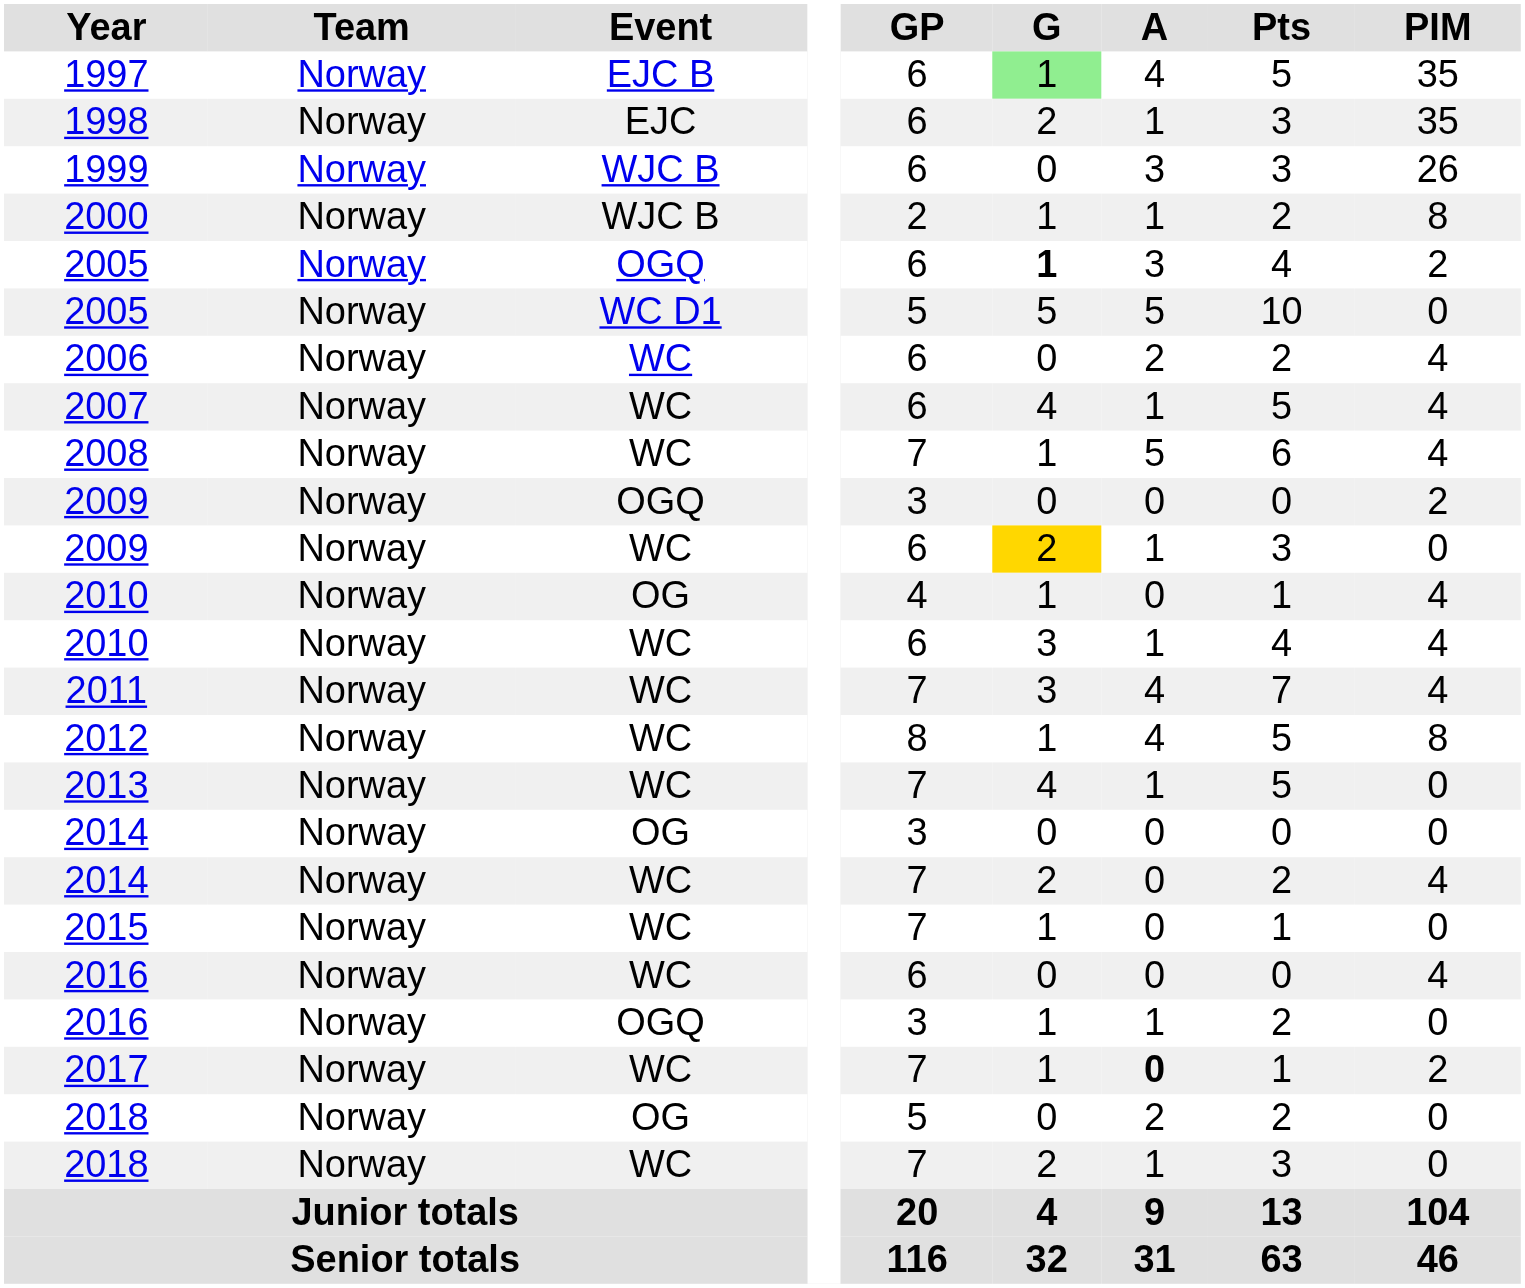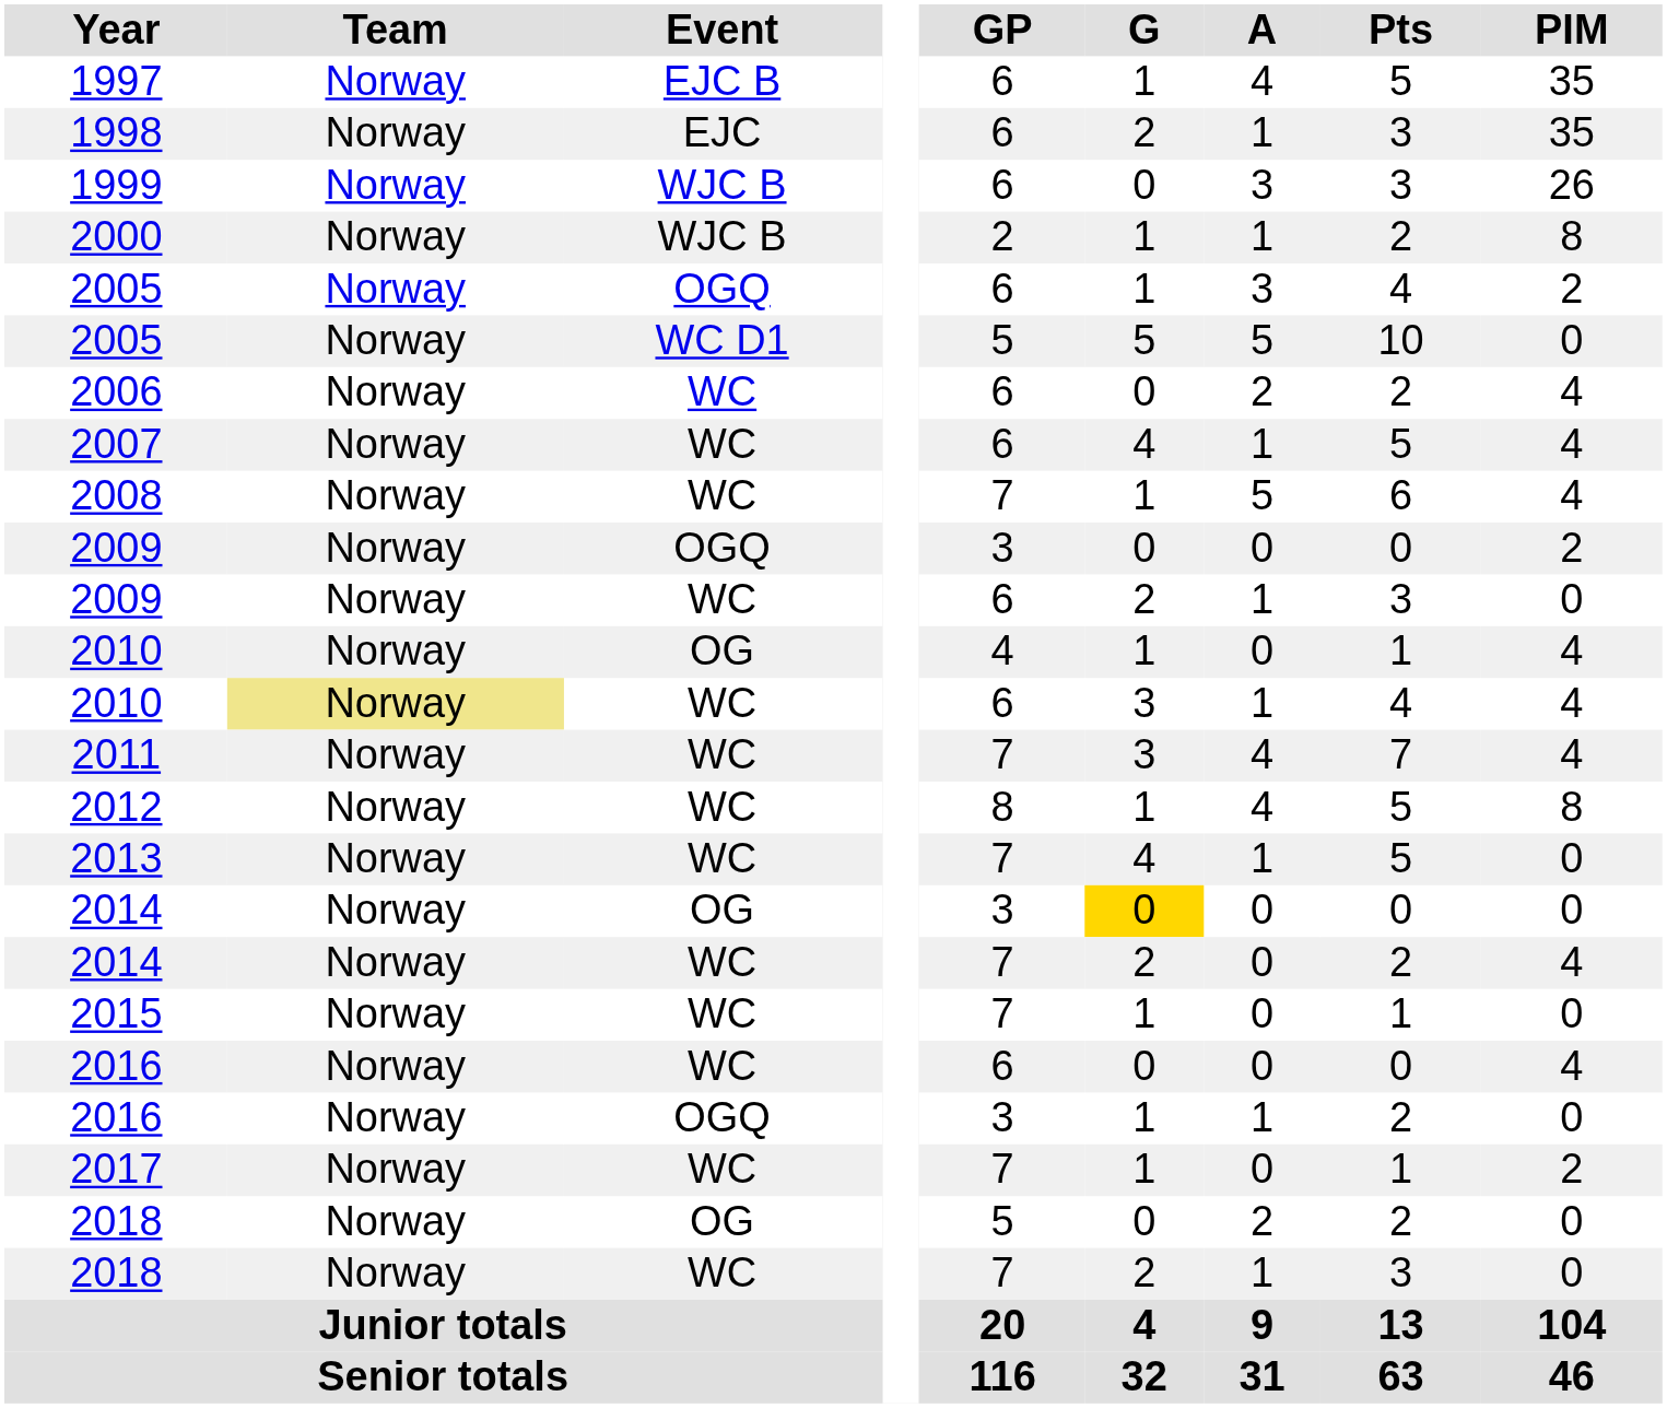 <table border="0" cellpadding="1" cellspacing="0" style="text-align:center; width:40em">
 <tr ALIGN="center" bgcolor="#e0e0e0">
 <th>Year</th>
 <th>Team</th>
 <th>Event</th>
 <th ALIGN="center" rowspan="99" bgcolor="#ffffff"> </th>
 <th>GP</th>
 <th>G</th>
 <th>A</th>
 <th>Pts</th>
 <th>PIM</th>
 </tr>
 <tr>
 <td><a href='#'>1997</a></td>
 <td><a href='#'>Norway</a></td>
 <td><a href='#'>EJC B</a></td>
 <td>6</td>
-<td style="background: lightgreen;">1</td>
+<td>1</td>
 <td>4</td>
 <td>5</td>
 <td>35</td>
 </tr>
 <tr bgcolor="#f0f0f0">
 <td><a href='#'>1998</a></td>
 <td>Norway</td>
 <td>EJC</td>
 <td>6</td>
 <td>2</td>
 <td>1</td>
 <td>3</td>
 <td>35</td>
 </tr>
 <tr>
 <td><a href='#'>1999</a></td>
 <td><a href='#'>Norway</a></td>
 <td><a href='#'>WJC B</a></td>
 <td>6</td>
 <td>0</td>
 <td>3</td>
 <td>3</td>
 <td>26</td>
 </tr>
 <tr bgcolor="#f0f0f0">
 <td><a href='#'>2000</a></td>
 <td>Norway</td>
 <td>WJC B</td>
 <td>2</td>
 <td>1</td>
 <td>1</td>
 <td>2</td>
 <td>8</td>
 </tr>
 <tr>
 <td><a href='#'>2005</a></td>
 <td><a href='#'>Norway</a></td>
 <td><a href='#'>OGQ</a></td>
 <td>6</td>
-<td><strong>1</strong></td>
+<td>1</td>
 <td>3</td>
 <td>4</td>
 <td>2</td>
 </tr>
 <tr bgcolor="#f0f0f0">
 <td><a href='#'>2005</a></td>
 <td>Norway</td>
 <td><a href='#'>WC D1</a></td>
 <td>5</td>
 <td>5</td>
 <td>5</td>
 <td>10</td>
 <td>0</td>
 </tr>
 <tr>
 <td><a href='#'>2006</a></td>
 <td>Norway</td>
 <td><a href='#'>WC</a></td>
 <td>6</td>
 <td>0</td>
 <td>2</td>
 <td>2</td>
 <td>4</td>
 </tr>
 <tr bgcolor="#f0f0f0">
 <td><a href='#'>2007</a></td>
 <td>Norway</td>
 <td>WC</td>
 <td>6</td>
 <td>4</td>
 <td>1</td>
 <td>5</td>
 <td>4</td>
 </tr>
 <tr>
 <td><a href='#'>2008</a></td>
 <td>Norway</td>
 <td>WC</td>
 <td>7</td>
 <td>1</td>
 <td>5</td>
 <td>6</td>
 <td>4</td>
 </tr>
 <tr bgcolor="#f0f0f0">
 <td><a href='#'>2009</a></td>
 <td>Norway</td>
 <td>OGQ</td>
 <td>3</td>
 <td>0</td>
 <td>0</td>
 <td>0</td>
 <td>2</td>
 </tr>
 <tr>
 <td><a href='#'>2009</a></td>
 <td>Norway</td>
 <td>WC</td>
 <td>6</td>
-<td style="background: gold;">2</td>
+<td>2</td>
 <td>1</td>
 <td>3</td>
 <td>0</td>
 </tr>
 <tr bgcolor="#f0f0f0">
 <td><a href='#'>2010</a></td>
 <td>Norway</td>
 <td>OG</td>
 <td>4</td>
 <td>1</td>
 <td>0</td>
 <td>1</td>
 <td>4</td>
 </tr>
 <tr>
 <td><a href='#'>2010</a></td>
-<td>Norway</td>
+<td style="background: khaki;">Norway</td>
 <td>WC</td>
 <td>6</td>
 <td>3</td>
 <td>1</td>
 <td>4</td>
 <td>4</td>
 </tr>
 <tr bgcolor="#f0f0f0">
 <td><a href='#'>2011</a></td>
 <td>Norway</td>
 <td>WC</td>
 <td>7</td>
 <td>3</td>
 <td>4</td>
 <td>7</td>
 <td>4</td>
 </tr>
 <tr>
 <td><a href='#'>2012</a></td>
 <td>Norway</td>
 <td>WC</td>
 <td>8</td>
 <td>1</td>
 <td>4</td>
 <td>5</td>
 <td>8</td>
 </tr>
 <tr bgcolor="#f0f0f0">
 <td><a href='#'>2013</a></td>
 <td>Norway</td>
 <td>WC</td>
 <td>7</td>
 <td>4</td>
 <td>1</td>
 <td>5</td>
 <td>0</td>
 </tr>
 <tr>
 <td><a href='#'>2014</a></td>
 <td>Norway</td>
 <td>OG</td>
 <td>3</td>
-<td>0</td>
+<td style="background: gold;">0</td>
 <td>0</td>
 <td>0</td>
 <td>0</td>
 </tr>
 <tr bgcolor="#f0f0f0">
 <td><a href='#'>2014</a></td>
 <td>Norway</td>
 <td>WC</td>
 <td>7</td>
 <td>2</td>
 <td>0</td>
 <td>2</td>
 <td>4</td>
 </tr>
 <tr>
 <td><a href='#'>2015</a></td>
 <td>Norway</td>
 <td>WC</td>
 <td>7</td>
 <td>1</td>
 <td>0</td>
 <td>1</td>
 <td>0</td>
 </tr>
 <tr bgcolor="#f0f0f0">
 <td><a href='#'>2016</a></td>
 <td>Norway</td>
 <td>WC</td>
 <td>6</td>
 <td>0</td>
 <td>0</td>
 <td>0</td>
 <td>4</td>
 </tr>
 <tr>
 <td><a href='#'>2016</a></td>
 <td>Norway</td>
 <td>OGQ</td>
 <td>3</td>
 <td>1</td>
 <td>1</td>
 <td>2</td>
 <td>0</td>
 </tr>
 <tr bgcolor="#f0f0f0">
 <td><a href='#'>2017</a></td>
 <td>Norway</td>
 <td>WC</td>
 <td>7</td>
 <td>1</td>
-<td><strong>0</strong></td>
+<td>0</td>
 <td>1</td>
 <td>2</td>
 </tr>
 <tr>
 <td><a href='#'>2018</a></td>
 <td>Norway</td>
 <td>OG</td>
 <td>5</td>
 <td>0</td>
 <td>2</td>
 <td>2</td>
 <td>0</td>
 </tr>
 <tr bgcolor="#f0f0f0">
 <td><a href='#'>2018</a></td>
 <td>Norway</td>
 <td>WC</td>
 <td>7</td>
 <td>2</td>
 <td>1</td>
 <td>3</td>
 <td>0</td>
 </tr>
 <tr bgcolor="#e0e0e0">
 <th colspan="3">Junior totals</th>
 <th>20</th>
 <th>4</th>
 <th>9</th>
 <th>13</th>
 <th>104</th>
 </tr>
 <tr bgcolor="#e0e0e0">
 <th colspan="3">Senior totals</th>
 <th>116</th>
 <th>32</th>
 <th>31</th>
 <th>63</th>
 <th>46</th>
 </tr>
 </table>
